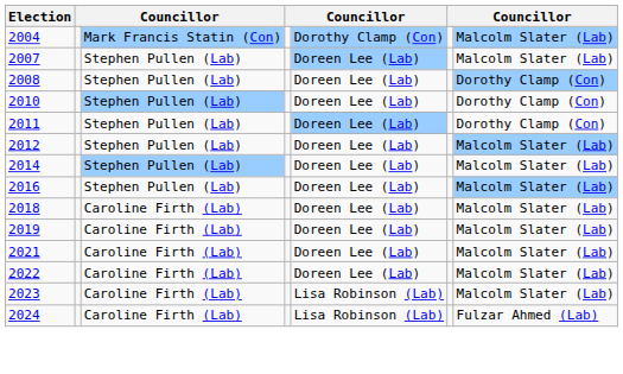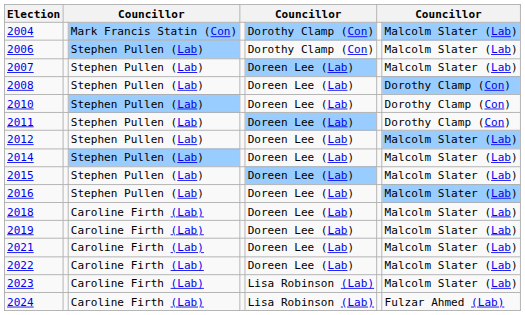 <table class="wikitable">
 <tr>
 <th>Election</th>
 <th colspan="2">Councillor</th>
 <th colspan="2">Councillor</th>
 <th colspan="2">Councillor</th>
 </tr>
 <tr>
 <td><a href='#'>2004</a></td>
 <td style="background-color: "></td>
 <td bgcolor="#99CCFF">Mark Francis Statin (<a href='#'>Con</a>)</td>
 <td style="background-color: "></td>
 <td bgcolor="#99CCFF">Dorothy Clamp (<a href='#'>Con</a>)</td>
 <td style="background-color: "></td>
 <td bgcolor="#99CCFF">Malcolm Slater (<a href='#'>Lab</a>)</td>
+</tr>
+<tr>
+<td><a href='#'>2006</a></td>
+<td style="background-color: "></td>
+<td bgcolor="#99CCFF">Stephen Pullen (<a href='#'>Lab</a>)</td>
+<td style="background-color: "></td>
+<td>Dorothy Clamp (<a href='#'>Con</a>)</td>
+<td style="background-color: "></td>
+<td>Malcolm Slater (<a href='#'>Lab</a>)</td>
 </tr>
 <tr>
 <td><a href='#'>2007</a></td>
 <td style="background-color: "></td>
 <td>Stephen Pullen (<a href='#'>Lab</a>)</td>
 <td style="background-color: "></td>
 <td bgcolor="#99CCFF">Doreen Lee (<a href='#'>Lab</a>)</td>
 <td style="background-color: "></td>
 <td>Malcolm Slater (<a href='#'>Lab</a>)</td>
 </tr>
 <tr>
 <td><a href='#'>2008</a></td>
 <td style="background-color: "></td>
 <td>Stephen Pullen (<a href='#'>Lab</a>)</td>
 <td style="background-color: "></td>
 <td>Doreen Lee (<a href='#'>Lab</a>)</td>
 <td style="background-color: "></td>
 <td bgcolor="#99CCFF">Dorothy Clamp (<a href='#'>Con</a>)</td>
 </tr>
 <tr>
 <td><a href='#'>2010</a></td>
 <td style="background-color: "></td>
 <td bgcolor="#99CCFF">Stephen Pullen (<a href='#'>Lab</a>)</td>
 <td style="background-color: "></td>
 <td>Doreen Lee (<a href='#'>Lab</a>)</td>
 <td style="background-color: "></td>
 <td>Dorothy Clamp (<a href='#'>Con</a>)</td>
 </tr>
 <tr>
 <td><a href='#'>2011</a></td>
 <td style="background-color: "></td>
 <td>Stephen Pullen (<a href='#'>Lab</a>)</td>
 <td style="background-color: "></td>
 <td bgcolor="#99CCFF">Doreen Lee (<a href='#'>Lab</a>)</td>
 <td style="background-color: "></td>
 <td>Dorothy Clamp (<a href='#'>Con</a>)</td>
 </tr>
 <tr>
 <td><a href='#'>2012</a></td>
 <td style="background-color: "></td>
 <td>Stephen Pullen (<a href='#'>Lab</a>)</td>
 <td style="background-color: "></td>
 <td>Doreen Lee (<a href='#'>Lab</a>)</td>
 <td style="background-color: "></td>
 <td bgcolor="#99CCFF">Malcolm Slater (<a href='#'>Lab</a>)</td>
 </tr>
 <tr>
 <td><a href='#'>2014</a></td>
 <td style="background-color: "></td>
 <td bgcolor="#99CCFF">Stephen Pullen (<a href='#'>Lab</a>)</td>
 <td style="background-color: "></td>
 <td>Doreen Lee (<a href='#'>Lab</a>)</td>
+<td style="background-color: "></td>
+<td>Malcolm Slater (<a href='#'>Lab</a>)</td>
+</tr>
+<tr>
+<td><a href='#'>2015</a></td>
+<td style="background-color: "></td>
+<td>Stephen Pullen (<a href='#'>Lab</a>)</td>
+<td style="background-color: "></td>
+<td bgcolor="#99CCFF">Doreen Lee (<a href='#'>Lab</a>)</td>
 <td style="background-color: "></td>
 <td>Malcolm Slater (<a href='#'>Lab</a>)</td>
 </tr>
 <tr>
 <td><a href='#'>2016</a></td>
 <td style="background-color: "></td>
 <td>Stephen Pullen (<a href='#'>Lab</a>)</td>
 <td style="background-color: "></td>
 <td>Doreen Lee (<a href='#'>Lab</a>)</td>
 <td style="background-color: "></td>
 <td bgcolor="#99CCFF">Malcolm Slater (<a href='#'>Lab</a>)</td>
 </tr>
 <tr>
 <td><a href='#'>2018</a></td>
 <td></td>
 <td>Caroline Firth <a href='#'>(Lab)</a></td>
 <td></td>
 <td>Doreen Lee (<a href='#'>Lab</a>)</td>
 <td></td>
 <td>Malcolm Slater (<a href='#'>Lab</a>)</td>
 </tr>
 <tr>
 <td><a href='#'>2019</a></td>
 <td></td>
 <td>Caroline Firth <a href='#'>(Lab)</a></td>
 <td></td>
 <td>Doreen Lee (<a href='#'>Lab</a>)</td>
 <td></td>
 <td>Malcolm Slater (<a href='#'>Lab</a>)</td>
 </tr>
 <tr>
 <td><a href='#'>2021</a></td>
 <td></td>
 <td>Caroline Firth <a href='#'>(Lab)</a></td>
 <td></td>
 <td>Doreen Lee (<a href='#'>Lab</a>)</td>
 <td></td>
 <td>Malcolm Slater (<a href='#'>Lab</a>)</td>
 </tr>
 <tr>
 <td><a href='#'>2022</a></td>
 <td></td>
 <td>Caroline Firth <a href='#'>(Lab)</a></td>
 <td></td>
 <td>Doreen Lee (<a href='#'>Lab</a>)</td>
 <td></td>
 <td>Malcolm Slater (<a href='#'>Lab</a>)</td>
 </tr>
 <tr>
 <td><a href='#'>2023</a></td>
 <td></td>
 <td>Caroline Firth <a href='#'>(Lab)</a></td>
 <td></td>
 <td>Lisa Robinson <a href='#'>(Lab)</a></td>
 <td></td>
 <td>Malcolm Slater (<a href='#'>Lab</a>)</td>
 </tr>
 <tr>
 <td><a href='#'>2024</a></td>
 <td></td>
 <td>Caroline Firth <a href='#'>(Lab)</a></td>
 <td></td>
 <td>Lisa Robinson <a href='#'>(Lab)</a></td>
 <td></td>
 <td>Fulzar Ahmed <a href='#'>(Lab)</a></td>
 </tr>
 </table>
